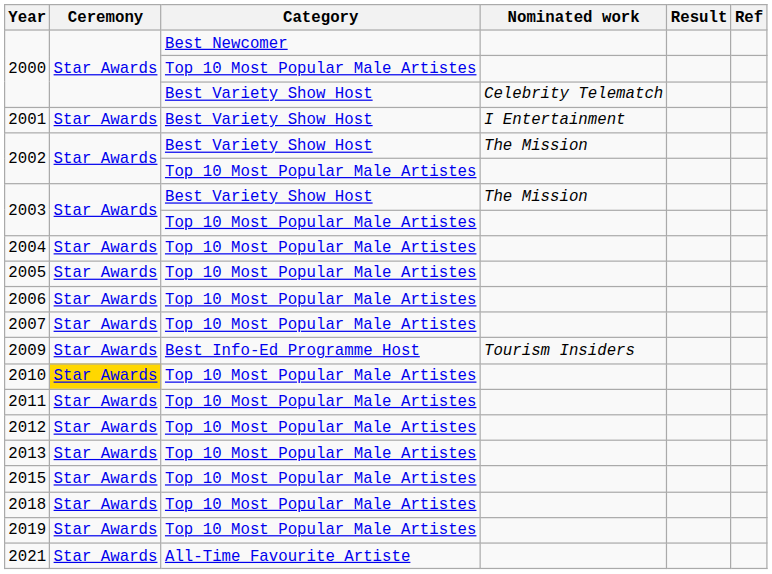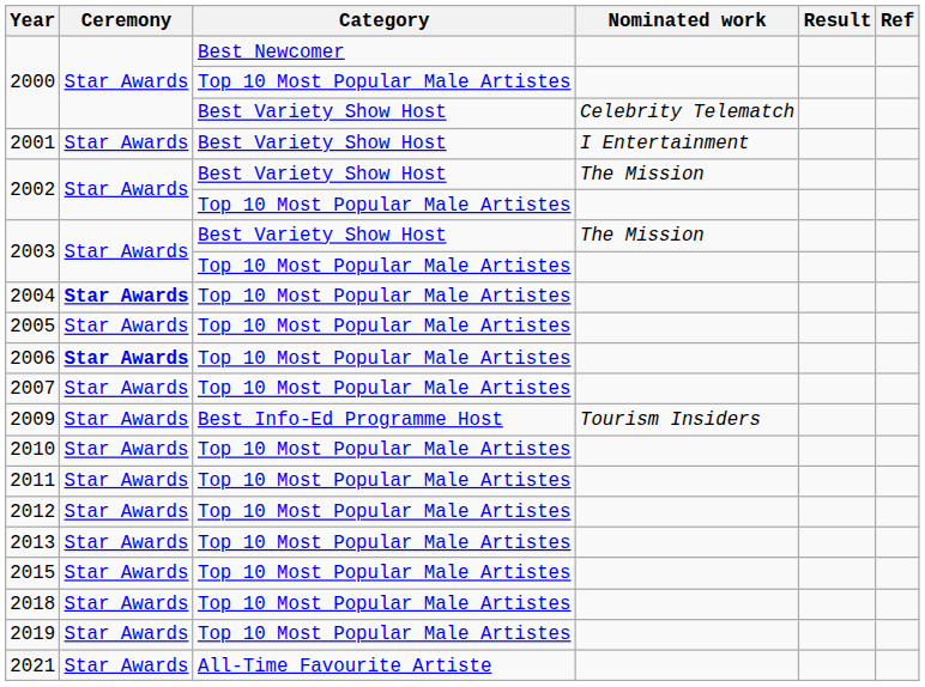 <table class="wikitable sortable">
 <tr>
 <th>Year</th>
 <th>Ceremony</th>
 <th>Category</th>
 <th>Nominated work</th>
 <th>Result</th>
 <th>Ref</th>
 </tr>
 <tr>
 <td rowspan="3">2000</td>
 <td rowspan="3"><a href='#'>Star Awards</a></td>
 <td><a href='#'>Best Newcomer</a></td>
 <td></td>
 <td></td>
 <td></td>
 </tr>
 <tr>
 <td><a href='#'>Top 10 Most Popular Male Artistes</a></td>
 <td></td>
 <td></td>
 <td></td>
 </tr>
 <tr>
 <td><a href='#'>Best Variety Show Host</a></td>
 <td><em>Celebrity Telematch </em></td>
 <td></td>
 <td></td>
 </tr>
 <tr>
 <td>2001</td>
 <td><a href='#'>Star Awards</a></td>
 <td><a href='#'>Best Variety Show Host</a></td>
 <td><em>I Entertainment </em></td>
 <td></td>
 <td></td>
 </tr>
 <tr>
 <td rowspan="2">2002</td>
 <td rowspan="2"><a href='#'>Star Awards</a></td>
 <td><a href='#'>Best Variety Show Host</a></td>
 <td><em>The Mission </em></td>
 <td></td>
 <td></td>
 </tr>
 <tr>
 <td><a href='#'>Top 10 Most Popular Male Artistes</a></td>
 <td></td>
 <td></td>
 <td></td>
 </tr>
 <tr>
 <td rowspan="2">2003</td>
 <td rowspan="2"><a href='#'>Star Awards</a></td>
 <td><a href='#'>Best Variety Show Host</a></td>
 <td><em>The Mission</em></td>
 <td></td>
 <td></td>
 </tr>
 <tr>
 <td><a href='#'>Top 10 Most Popular Male Artistes</a></td>
 <td></td>
 <td></td>
 <td></td>
 </tr>
 <tr>
 <td>2004</td>
-<td><a href='#'>Star Awards</a></td>
+<td><strong><a href='#'>Star Awards</a></strong></td>
 <td><a href='#'>Top 10 Most Popular Male Artistes</a></td>
 <td></td>
 <td></td>
 <td></td>
 </tr>
 <tr>
 <td>2005</td>
 <td><a href='#'>Star Awards</a></td>
 <td><a href='#'>Top 10 Most Popular Male Artistes</a></td>
 <td></td>
 <td></td>
 <td></td>
 </tr>
 <tr>
 <td>2006</td>
-<td><a href='#'>Star Awards</a></td>
+<td><strong><a href='#'>Star Awards</a></strong></td>
 <td><a href='#'>Top 10 Most Popular Male Artistes</a></td>
 <td></td>
 <td></td>
 <td></td>
 </tr>
 <tr>
 <td>2007</td>
 <td><a href='#'>Star Awards</a></td>
 <td><a href='#'>Top 10 Most Popular Male Artistes</a></td>
 <td></td>
 <td></td>
 <td></td>
 </tr>
 <tr>
 <td>2009</td>
 <td><a href='#'>Star Awards</a></td>
 <td><a href='#'>Best Info-Ed Programme Host</a></td>
 <td><em>Tourism Insiders </em></td>
 <td></td>
 <td></td>
 </tr>
 <tr>
 <td>2010</td>
-<td style="background: gold;"><a href='#'>Star Awards</a></td>
+<td><a href='#'>Star Awards</a></td>
 <td><a href='#'>Top 10 Most Popular Male Artistes</a></td>
 <td></td>
 <td></td>
 <td></td>
 </tr>
 <tr>
 <td>2011</td>
 <td><a href='#'>Star Awards</a></td>
 <td><a href='#'>Top 10 Most Popular Male Artistes</a></td>
 <td></td>
 <td></td>
 <td></td>
 </tr>
 <tr>
 <td>2012</td>
 <td><a href='#'>Star Awards</a></td>
 <td><a href='#'>Top 10 Most Popular Male Artistes</a></td>
 <td></td>
 <td></td>
 <td></td>
 </tr>
 <tr>
 <td>2013</td>
 <td><a href='#'>Star Awards</a></td>
 <td><a href='#'>Top 10 Most Popular Male Artistes</a></td>
 <td></td>
 <td></td>
 <td></td>
 </tr>
 <tr>
 <td>2015</td>
 <td><a href='#'>Star Awards</a></td>
 <td><a href='#'>Top 10 Most Popular Male Artistes</a></td>
 <td></td>
 <td></td>
 <td></td>
 </tr>
 <tr>
 <td>2018</td>
 <td><a href='#'>Star Awards</a></td>
 <td><a href='#'>Top 10 Most Popular Male Artistes</a></td>
 <td></td>
 <td></td>
 <td></td>
 </tr>
 <tr>
 <td>2019</td>
 <td><a href='#'>Star Awards</a></td>
 <td><a href='#'>Top 10 Most Popular Male Artistes</a></td>
 <td></td>
 <td></td>
 <td></td>
 </tr>
 <tr>
 <td>2021</td>
 <td><a href='#'>Star Awards</a></td>
 <td><a href='#'>All-Time Favourite Artiste</a></td>
 <td></td>
 <td></td>
 <td></td>
 </tr>
 </table>
